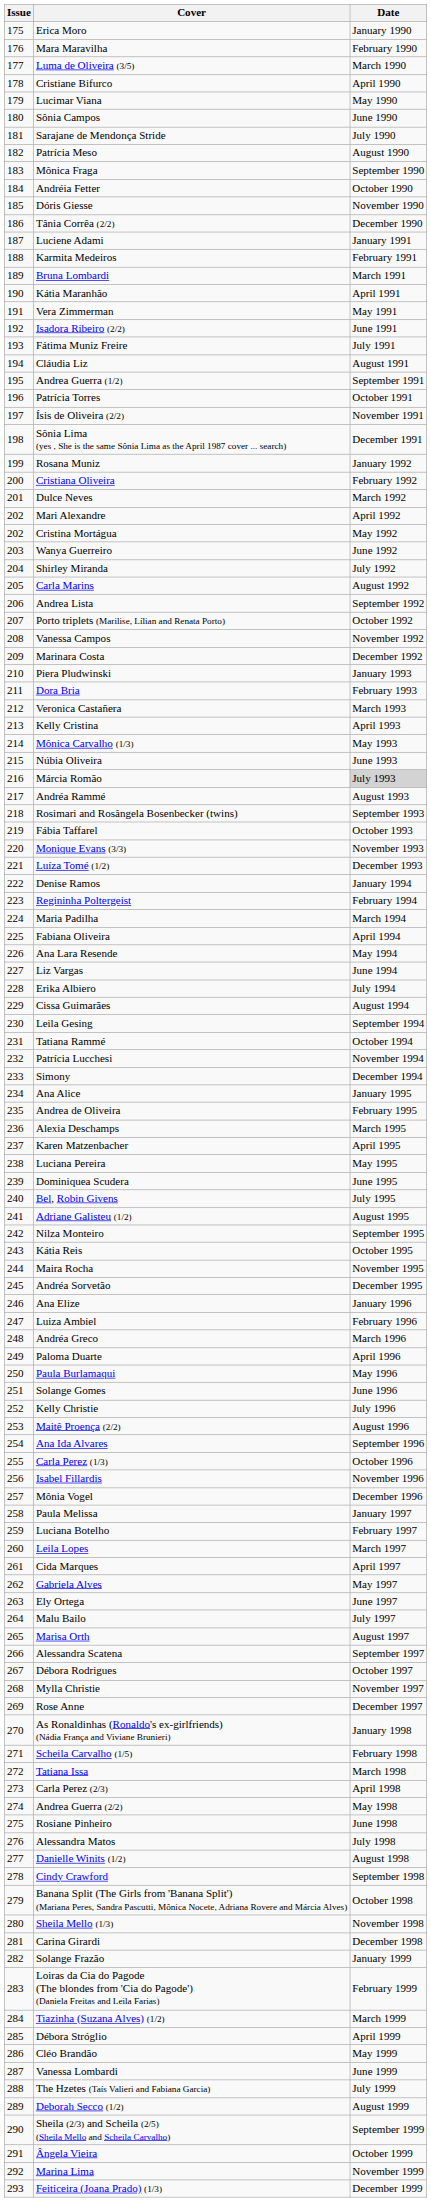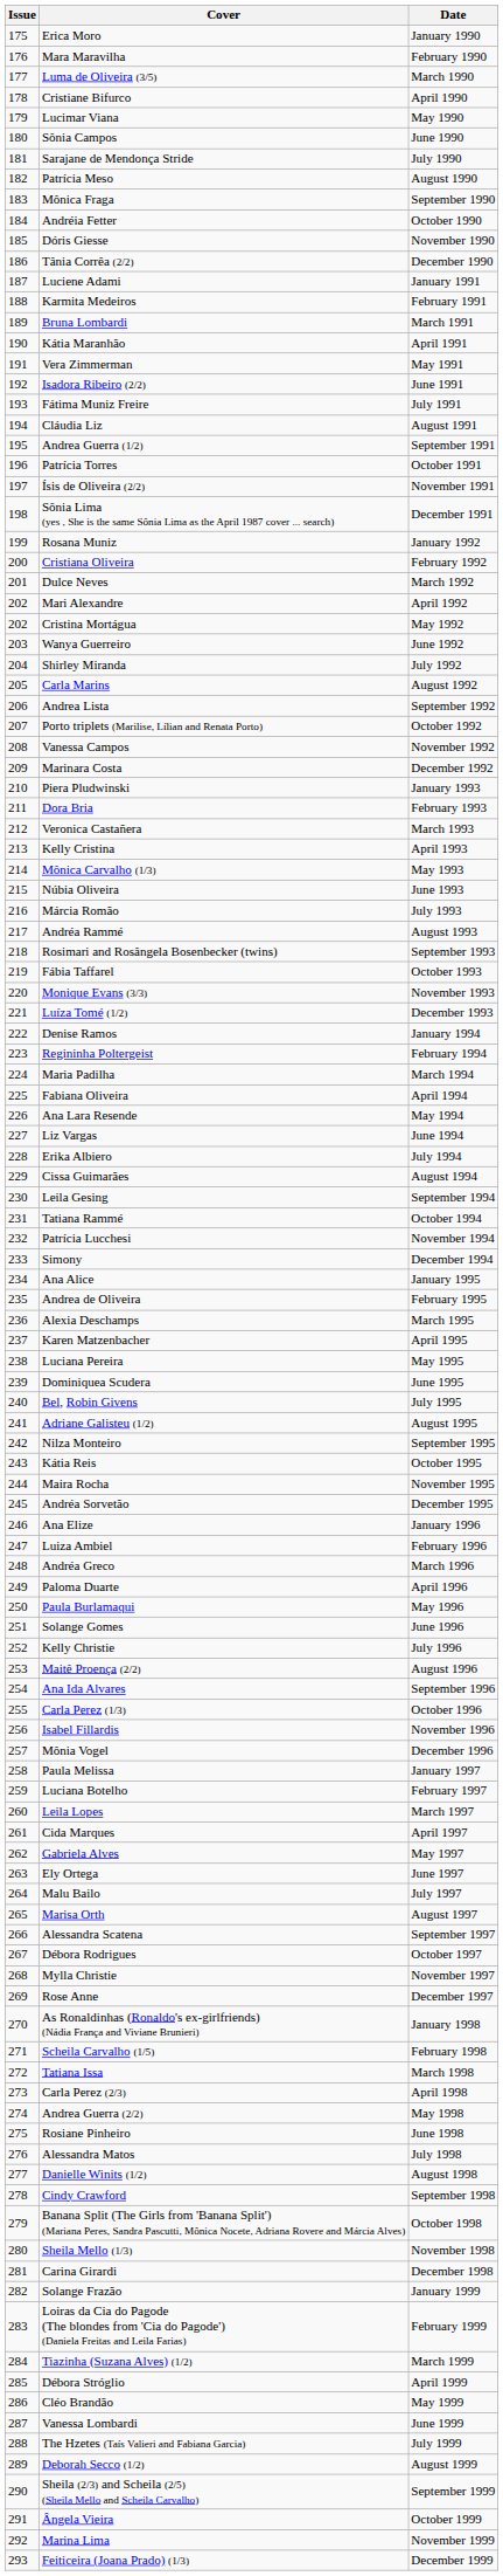 <table class="wikitable">
 <tr>
 <th>Issue</th>
 <th>Cover</th>
 <th>Date</th>
 </tr>
 <tr>
 <td>175</td>
 <td>Erica Moro</td>
 <td>January 1990</td>
 </tr>
 <tr>
 <td>176</td>
 <td>Mara Maravilha</td>
 <td>February 1990</td>
 </tr>
 <tr>
 <td>177</td>
 <td><a href='#'>Luma de Oliveira</a> <small>(3/5)</small></td>
 <td>March 1990</td>
 </tr>
 <tr>
 <td>178</td>
 <td>Cristiane Bifurco</td>
 <td>April 1990</td>
 </tr>
 <tr>
 <td>179</td>
 <td>Lucimar Viana</td>
 <td>May 1990</td>
 </tr>
 <tr>
 <td>180</td>
 <td>Sônia Campos</td>
 <td>June 1990</td>
 </tr>
 <tr>
 <td>181</td>
 <td>Sarajane de Mendonça Stride</td>
 <td>July 1990</td>
 </tr>
 <tr>
 <td>182</td>
 <td>Patrícia Meso</td>
 <td>August 1990</td>
 </tr>
 <tr>
 <td>183</td>
 <td>Mônica Fraga</td>
 <td>September 1990</td>
 </tr>
 <tr>
 <td>184</td>
 <td>Andréia Fetter</td>
 <td>October 1990</td>
 </tr>
 <tr>
 <td>185</td>
 <td>Dóris Giesse</td>
 <td>November 1990</td>
 </tr>
 <tr>
 <td>186</td>
 <td>Tânia Corrêa <small>(2/2)</small></td>
 <td>December 1990</td>
 </tr>
 <tr>
 <td>187</td>
 <td>Luciene Adami</td>
 <td>January 1991</td>
 </tr>
 <tr>
 <td>188</td>
 <td>Karmita Medeiros</td>
 <td>February 1991</td>
 </tr>
 <tr>
 <td>189</td>
 <td><a href='#'>Bruna Lombardi</a></td>
 <td>March 1991</td>
 </tr>
 <tr>
 <td>190</td>
 <td>Kátia Maranhão</td>
 <td>April 1991</td>
 </tr>
 <tr>
 <td>191</td>
 <td>Vera Zimmerman</td>
 <td>May 1991</td>
 </tr>
 <tr>
 <td>192</td>
 <td><a href='#'>Isadora Ribeiro</a> <small>(2/2)</small></td>
 <td>June 1991</td>
 </tr>
 <tr>
 <td>193</td>
 <td>Fátima Muniz Freire</td>
 <td>July 1991</td>
 </tr>
 <tr>
 <td>194</td>
 <td>Cláudia Liz</td>
 <td>August 1991</td>
 </tr>
 <tr>
 <td>195</td>
 <td>Andrea Guerra <small>(1/2)</small></td>
 <td>September 1991</td>
 </tr>
 <tr>
 <td>196</td>
 <td>Patrícia Torres</td>
 <td>October 1991</td>
 </tr>
 <tr>
 <td>197</td>
 <td>Ísis de Oliveira <small>(2/2)</small></td>
 <td>November 1991</td>
 </tr>
 <tr>
 <td>198</td>
 <td>Sônia Lima<br><small>(yes , She is  the same Sônia Lima as the April 1987 cover   ... search)</small></td>
 <td>December 1991</td>
 </tr>
 <tr>
 <td>199</td>
 <td>Rosana Muniz</td>
 <td>January 1992</td>
 </tr>
 <tr>
 <td>200</td>
 <td><a href='#'>Cristiana Oliveira</a></td>
 <td>February 1992</td>
 </tr>
 <tr>
 <td>201</td>
 <td>Dulce Neves</td>
 <td>March 1992</td>
 </tr>
 <tr>
 <td>202</td>
 <td>Mari Alexandre</td>
 <td>April 1992</td>
 </tr>
 <tr>
 <td>202</td>
 <td>Cristina Mortágua</td>
 <td>May 1992</td>
 </tr>
 <tr>
 <td>203</td>
 <td>Wanya Guerreiro</td>
 <td>June 1992</td>
 </tr>
 <tr>
 <td>204</td>
 <td>Shirley Miranda</td>
 <td>July 1992</td>
 </tr>
 <tr>
 <td>205</td>
 <td><a href='#'>Carla Marins</a></td>
 <td>August 1992</td>
 </tr>
 <tr>
 <td>206</td>
 <td>Andrea Lista</td>
 <td>September 1992</td>
 </tr>
 <tr>
 <td>207</td>
 <td>Porto triplets <small>(Marilise, Lílian and Renata Porto)</small></td>
 <td>October 1992</td>
 </tr>
 <tr>
 <td>208</td>
 <td>Vanessa Campos</td>
 <td>November 1992</td>
 </tr>
 <tr>
 <td>209</td>
 <td>Marinara Costa</td>
 <td>December 1992</td>
 </tr>
 <tr>
 <td>210</td>
 <td>Piera Pludwinski</td>
 <td>January 1993</td>
 </tr>
 <tr>
 <td>211</td>
 <td><a href='#'>Dora Bria</a></td>
 <td>February 1993</td>
 </tr>
 <tr>
 <td>212</td>
 <td>Veronica Castañera</td>
 <td>March 1993</td>
 </tr>
 <tr>
 <td>213</td>
 <td>Kelly Cristina</td>
 <td>April 1993</td>
 </tr>
 <tr>
 <td>214</td>
 <td><a href='#'>Mônica Carvalho</a> <small>(1/3)</small></td>
 <td>May 1993</td>
 </tr>
 <tr>
 <td>215</td>
 <td>Núbia Oliveira</td>
 <td>June 1993</td>
 </tr>
 <tr>
 <td>216</td>
 <td>Márcia Romão</td>
-<td style="background: lightgrey;">July 1993</td>
+<td>July 1993</td>
 </tr>
 <tr>
 <td>217</td>
 <td>Andréa Rammé</td>
 <td>August 1993</td>
 </tr>
 <tr>
 <td>218</td>
 <td>Rosimari and Rosângela Bosenbecker (twins)</td>
 <td>September 1993</td>
 </tr>
 <tr>
 <td>219</td>
 <td>Fábia Taffarel</td>
 <td>October 1993</td>
 </tr>
 <tr>
 <td>220</td>
 <td><a href='#'>Monique Evans</a> <small>(3/3)</small></td>
 <td>November 1993</td>
 </tr>
 <tr>
 <td>221</td>
 <td><a href='#'>Luíza Tomé</a> <small>(1/2)</small></td>
 <td>December 1993</td>
 </tr>
 <tr>
 <td>222</td>
 <td>Denise Ramos</td>
 <td>January 1994</td>
 </tr>
 <tr>
 <td>223</td>
 <td><a href='#'>Regininha Poltergeist</a></td>
 <td>February 1994</td>
 </tr>
 <tr>
 <td>224</td>
 <td>Maria Padilha</td>
 <td>March 1994</td>
 </tr>
 <tr>
 <td>225</td>
 <td>Fabiana Oliveira</td>
 <td>April 1994</td>
 </tr>
 <tr>
 <td>226</td>
 <td>Ana Lara Resende</td>
 <td>May 1994</td>
 </tr>
 <tr>
 <td>227</td>
 <td>Liz Vargas</td>
 <td>June 1994</td>
 </tr>
 <tr>
 <td>228</td>
 <td>Erika Albiero</td>
 <td>July 1994</td>
 </tr>
 <tr>
 <td>229</td>
 <td>Cissa Guimarães</td>
 <td>August 1994</td>
 </tr>
 <tr>
 <td>230</td>
 <td>Leila Gesing</td>
 <td>September 1994</td>
 </tr>
 <tr>
 <td>231</td>
 <td>Tatiana Rammé</td>
 <td>October 1994</td>
 </tr>
 <tr>
 <td>232</td>
 <td>Patrícia Lucchesi</td>
 <td>November 1994</td>
 </tr>
 <tr>
 <td>233</td>
 <td>Simony</td>
 <td>December 1994</td>
 </tr>
 <tr>
 <td>234</td>
 <td>Ana Alice</td>
 <td>January 1995</td>
 </tr>
 <tr>
 <td>235</td>
 <td>Andrea de Oliveira</td>
 <td>February 1995</td>
 </tr>
 <tr>
 <td>236</td>
 <td>Alexia Deschamps</td>
 <td>March 1995</td>
 </tr>
 <tr>
 <td>237</td>
 <td>Karen Matzenbacher</td>
 <td>April 1995</td>
 </tr>
 <tr>
 <td>238</td>
 <td>Luciana Pereira</td>
 <td>May 1995</td>
 </tr>
 <tr>
 <td>239</td>
 <td>Dominiquea Scudera</td>
 <td>June 1995</td>
 </tr>
 <tr>
 <td>240</td>
 <td><a href='#'>Bel</a>, <a href='#'>Robin Givens</a></td>
 <td>July 1995</td>
 </tr>
 <tr>
 <td>241</td>
 <td><a href='#'>Adriane Galisteu</a>  <small>(1/2)</small></td>
 <td>August 1995</td>
 </tr>
 <tr>
 <td>242</td>
 <td>Nilza Monteiro</td>
 <td>September 1995</td>
 </tr>
 <tr>
 <td>243</td>
 <td>Kátia Reis</td>
 <td>October 1995</td>
 </tr>
 <tr>
 <td>244</td>
 <td>Maira Rocha</td>
 <td>November 1995</td>
 </tr>
 <tr>
 <td>245</td>
 <td>Andréa Sorvetão</td>
 <td>December 1995</td>
 </tr>
 <tr>
 <td>246</td>
 <td>Ana Elize</td>
 <td>January 1996</td>
 </tr>
 <tr>
 <td>247</td>
 <td>Luiza Ambiel</td>
 <td>February 1996</td>
 </tr>
 <tr>
 <td>248</td>
 <td>Andréa Greco</td>
 <td>March 1996</td>
 </tr>
 <tr>
 <td>249</td>
 <td>Paloma Duarte</td>
 <td>April 1996</td>
 </tr>
 <tr>
 <td>250</td>
 <td><a href='#'>Paula Burlamaqui</a></td>
 <td>May 1996</td>
 </tr>
 <tr>
 <td>251</td>
 <td>Solange Gomes</td>
 <td>June 1996</td>
 </tr>
 <tr>
 <td>252</td>
 <td>Kelly Christie</td>
 <td>July 1996</td>
 </tr>
 <tr>
 <td>253</td>
 <td><a href='#'>Maitê Proença</a> <small>(2/2)</small></td>
 <td>August 1996</td>
 </tr>
 <tr>
 <td>254</td>
 <td><a href='#'>Ana Ida Alvares</a></td>
 <td>September 1996</td>
 </tr>
 <tr>
 <td>255</td>
 <td><a href='#'>Carla Perez</a> <small>(1/3)</small></td>
 <td>October 1996</td>
 </tr>
 <tr>
 <td>256</td>
 <td><a href='#'>Isabel Fillardis</a></td>
 <td>November 1996</td>
 </tr>
 <tr>
 <td>257</td>
 <td>Mônia Vogel</td>
 <td>December 1996</td>
 </tr>
 <tr>
 <td>258</td>
 <td>Paula Melissa</td>
 <td>January 1997</td>
 </tr>
 <tr>
 <td>259</td>
 <td>Luciana Botelho</td>
 <td>February 1997</td>
 </tr>
 <tr>
 <td>260</td>
 <td><a href='#'>Leila Lopes</a></td>
 <td>March 1997</td>
 </tr>
 <tr>
 <td>261</td>
 <td>Cida Marques</td>
 <td>April 1997</td>
 </tr>
 <tr>
 <td>262</td>
 <td><a href='#'>Gabriela Alves</a></td>
 <td>May 1997</td>
 </tr>
 <tr>
 <td>263</td>
 <td>Ely Ortega</td>
 <td>June 1997</td>
 </tr>
 <tr>
 <td>264</td>
 <td>Malu Bailo</td>
 <td>July 1997</td>
 </tr>
 <tr>
 <td>265</td>
 <td><a href='#'>Marisa Orth</a></td>
 <td>August 1997</td>
 </tr>
 <tr>
 <td>266</td>
 <td>Alessandra Scatena</td>
 <td>September 1997</td>
 </tr>
 <tr>
 <td>267</td>
 <td>Débora Rodrigues</td>
 <td>October 1997</td>
 </tr>
 <tr>
 <td>268</td>
 <td>Mylla Christie</td>
 <td>November 1997</td>
 </tr>
 <tr>
 <td>269</td>
 <td>Rose Anne</td>
 <td>December 1997</td>
 </tr>
 <tr>
 <td>270</td>
 <td>As Ronaldinhas (<a href='#'>Ronaldo</a>'s ex-girlfriends)<br><small>(Nádia França and Viviane Brunieri)</small></td>
 <td>January 1998</td>
 </tr>
 <tr>
 <td>271</td>
 <td><a href='#'>Scheila Carvalho</a> <small>(1/5)</small></td>
 <td>February 1998</td>
 </tr>
 <tr>
 <td>272</td>
 <td><a href='#'>Tatiana Issa</a></td>
 <td>March 1998</td>
 </tr>
 <tr>
 <td>273</td>
 <td>Carla Perez <small>(2/3)</small></td>
 <td>April 1998</td>
 </tr>
 <tr>
 <td>274</td>
 <td>Andrea Guerra <small>(2/2)</small></td>
 <td>May 1998</td>
 </tr>
 <tr>
 <td>275</td>
 <td>Rosiane Pinheiro</td>
 <td>June 1998</td>
 </tr>
 <tr>
 <td>276</td>
 <td>Alessandra Matos</td>
 <td>July 1998</td>
 </tr>
 <tr>
 <td>277</td>
 <td><a href='#'>Danielle Winits</a> <small>(1/2)</small></td>
 <td>August 1998</td>
 </tr>
 <tr>
 <td>278</td>
 <td><a href='#'>Cindy Crawford</a></td>
 <td>September 1998</td>
 </tr>
 <tr>
 <td>279</td>
 <td>Banana Split (The Girls from 'Banana Split')<br><small>(Mariana Peres, Sandra Pascutti, Mônica Nocete, Adriana Rovere and Márcia Alves)</small></td>
 <td>October 1998</td>
 </tr>
 <tr>
 <td>280</td>
 <td><a href='#'>Sheila Mello</a> <small>(1/3)</small></td>
 <td>November 1998</td>
 </tr>
 <tr>
 <td>281</td>
 <td>Carina Girardi</td>
 <td>December 1998</td>
 </tr>
 <tr>
 <td>282</td>
 <td>Solange Frazão</td>
 <td>January 1999</td>
 </tr>
 <tr>
 <td>283</td>
 <td>Loiras da Cia do Pagode<br>(The blondes from 'Cia do Pagode')<br><small>(Daniela Freitas and Leila Farias)</small></td>
 <td>February 1999</td>
 </tr>
 <tr>
 <td>284</td>
 <td><a href='#'>Tiazinha (Suzana Alves)</a> <small>(1/2)</small></td>
 <td>March 1999</td>
 </tr>
 <tr>
 <td>285</td>
 <td>Débora Stróglio</td>
 <td>April 1999</td>
 </tr>
 <tr>
 <td>286</td>
 <td>Cléo Brandão</td>
 <td>May 1999</td>
 </tr>
 <tr>
 <td>287</td>
 <td>Vanessa Lombardi</td>
 <td>June 1999</td>
 </tr>
 <tr>
 <td>288</td>
 <td>The Hzetes <small>(Taís Valieri and Fabiana Garcia)</small></td>
 <td>July 1999</td>
 </tr>
 <tr>
 <td>289</td>
 <td><a href='#'>Deborah Secco</a> <small>(1/2)</small></td>
 <td>August 1999</td>
 </tr>
 <tr>
 <td>290</td>
 <td>Sheila <small>(2/3)</small> and Scheila <small>(2/5)</small><br><small>(<a href='#'>Sheila Mello</a> and <a href='#'>Scheila Carvalho</a>)</small></td>
 <td>September 1999</td>
 </tr>
 <tr>
 <td>291</td>
 <td><a href='#'>Ângela Vieira</a></td>
 <td>October 1999</td>
 </tr>
 <tr>
 <td>292</td>
 <td><a href='#'>Marina Lima</a></td>
 <td>November 1999</td>
 </tr>
 <tr>
 <td>293</td>
 <td><a href='#'>Feiticeira (Joana Prado)</a> <small>(1/3)</small></td>
 <td>December 1999</td>
 </tr>
 </table>
